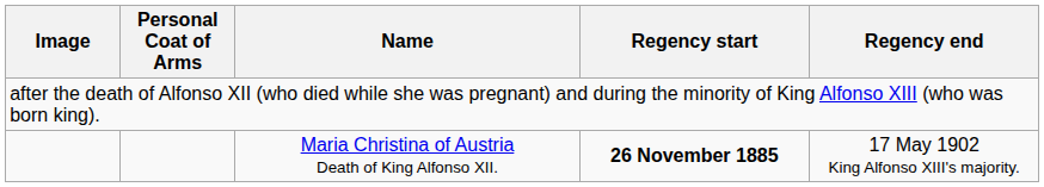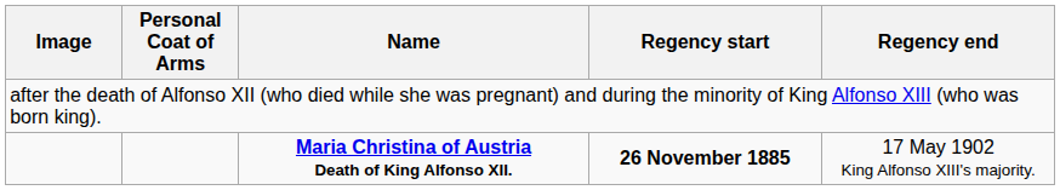 <table width=98% class="wikitable">
 <tr>
 <th width=10%>Image</th>
 <th width=10%>Personal<br>Coat of Arms</th>
 <th width=30%>Name</th>
 <th width=20%>Regency start</th>
 <th width=20%>Regency end</th>
 </tr>
 <tr>
 <td colspan=5> after the death of Alfonso XII (who died while she was pregnant) and during the minority of King <a href='#'>Alfonso XIII</a> (who was born king).</td>
 </tr>
 <tr>
 <td align="center"></td>
 <td align="center"></td>
-<td align="center"><a href='#'>Maria Christina of Austria</a><br><small>Death of King Alfonso XII.</small></td>
+<td align="center"><strong><a href='#'>Maria Christina of Austria</a><br><small>Death of King Alfonso XII.</small></strong></td>
 <td align="center"><strong>26 November 1885</strong></td>
 <td align="center">17 May 1902<br><small>King Alfonso XIII's majority.</small></td>
 </tr>
 <tr>
 </tr>
 </table>
